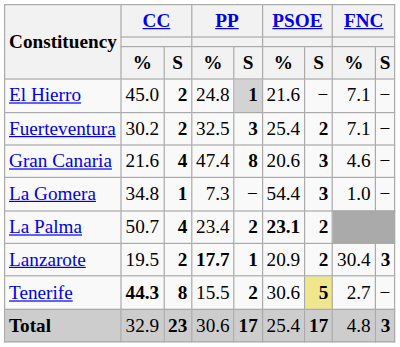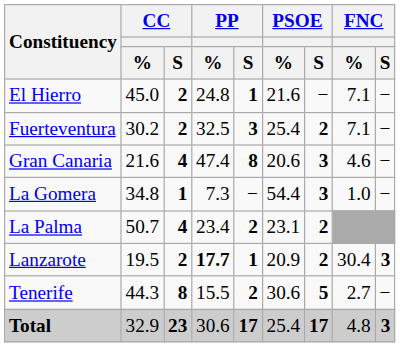 <table class="wikitable sortable" style="text-align:right; line-height:20px;">
 <tr>
 <th rowspan="3">Constituency</th>
 <th colspan="2" width="30px" class="unsortable"><a href='#'>CC</a></th>
 <th colspan="2" width="30px" class="unsortable"><a href='#'>PP</a></th>
 <th colspan="2" width="30px" class="unsortable"><a href='#'>PSOE</a></th>
 <th colspan="2" width="30px" class="unsortable"><a href='#'>FNC</a></th>
 </tr>
 <tr>
 <th colspan="2" style="background:"></th>
 <th colspan="2" style="background:"></th>
 <th colspan="2" style="background:"></th>
 <th colspan="2" style="background:"></th>
 </tr>
 <tr>
 <th data-sort-type="number">%</th>
 <th data-sort-type="number">S</th>
 <th data-sort-type="number">%</th>
 <th data-sort-type="number">S</th>
 <th data-sort-type="number">%</th>
 <th data-sort-type="number">S</th>
 <th data-sort-type="number">%</th>
 <th data-sort-type="number">S</th>
 </tr>
 <tr>
 <td align="left"><a href='#'>El Hierro</a></td>
 <td style="background:">45.0</td>
 <td><strong>2</strong></td>
 <td>24.8</td>
-<td style="background: lightgrey;"><strong>1</strong></td>
+<td><strong>1</strong></td>
 <td>21.6</td>
 <td>−</td>
 <td>7.1</td>
 <td>−</td>
 </tr>
 <tr>
 <td align="left"><a href='#'>Fuerteventura</a></td>
 <td>30.2</td>
 <td><strong>2</strong></td>
 <td style="background:">32.5</td>
 <td><strong>3</strong></td>
 <td>25.4</td>
 <td><strong>2</strong></td>
 <td>7.1</td>
 <td>−</td>
 </tr>
 <tr>
 <td align="left"><a href='#'>Gran Canaria</a></td>
 <td>21.6</td>
 <td><strong>4</strong></td>
 <td style="background:">47.4</td>
 <td><strong>8</strong></td>
 <td>20.6</td>
 <td><strong>3</strong></td>
 <td>4.6</td>
 <td>−</td>
 </tr>
 <tr>
 <td align="left"><a href='#'>La Gomera</a></td>
 <td>34.8</td>
 <td><strong>1</strong></td>
 <td>7.3</td>
 <td>−</td>
 <td style="background:">54.4</td>
 <td><strong>3</strong></td>
 <td>1.0</td>
 <td>−</td>
 </tr>
 <tr>
 <td align="left"><a href='#'>La Palma</a></td>
 <td style="background:">50.7</td>
 <td><strong>4</strong></td>
 <td>23.4</td>
 <td><strong>2</strong></td>
-<td><strong>23.1</strong></td>
+<td>23.1</td>
 <td><strong>2</strong></td>
 <td colspan="2" bgcolor="#AAAAAA"></td>
 </tr>
 <tr>
 <td align="left"><a href='#'>Lanzarote</a></td>
 <td>19.5</td>
 <td><strong>2</strong></td>
 <td><strong>17.7</strong></td>
 <td><strong>1</strong></td>
 <td>20.9</td>
 <td><strong>2</strong></td>
 <td style="background:">30.4</td>
 <td><strong>3</strong></td>
 </tr>
 <tr>
 <td align="left"><a href='#'>Tenerife</a></td>
-<td style="background:"><strong>44.3</strong></td>
+<td style="background:">44.3</td>
 <td><strong>8</strong></td>
 <td>15.5</td>
 <td><strong>2</strong></td>
 <td>30.6</td>
-<td style="background: khaki;"><strong>5</strong></td>
+<td><strong>5</strong></td>
 <td>2.7</td>
 <td>−</td>
 </tr>
 <tr style="background:#CDCDCD;">
 <td align="left"><strong>Total</strong></td>
 <td style="background:">32.9</td>
 <td><strong>23</strong></td>
 <td>30.6</td>
 <td><strong>17</strong></td>
 <td>25.4</td>
 <td><strong>17</strong></td>
 <td>4.8</td>
 <td><strong>3</strong></td>
 </tr>
 </table>
